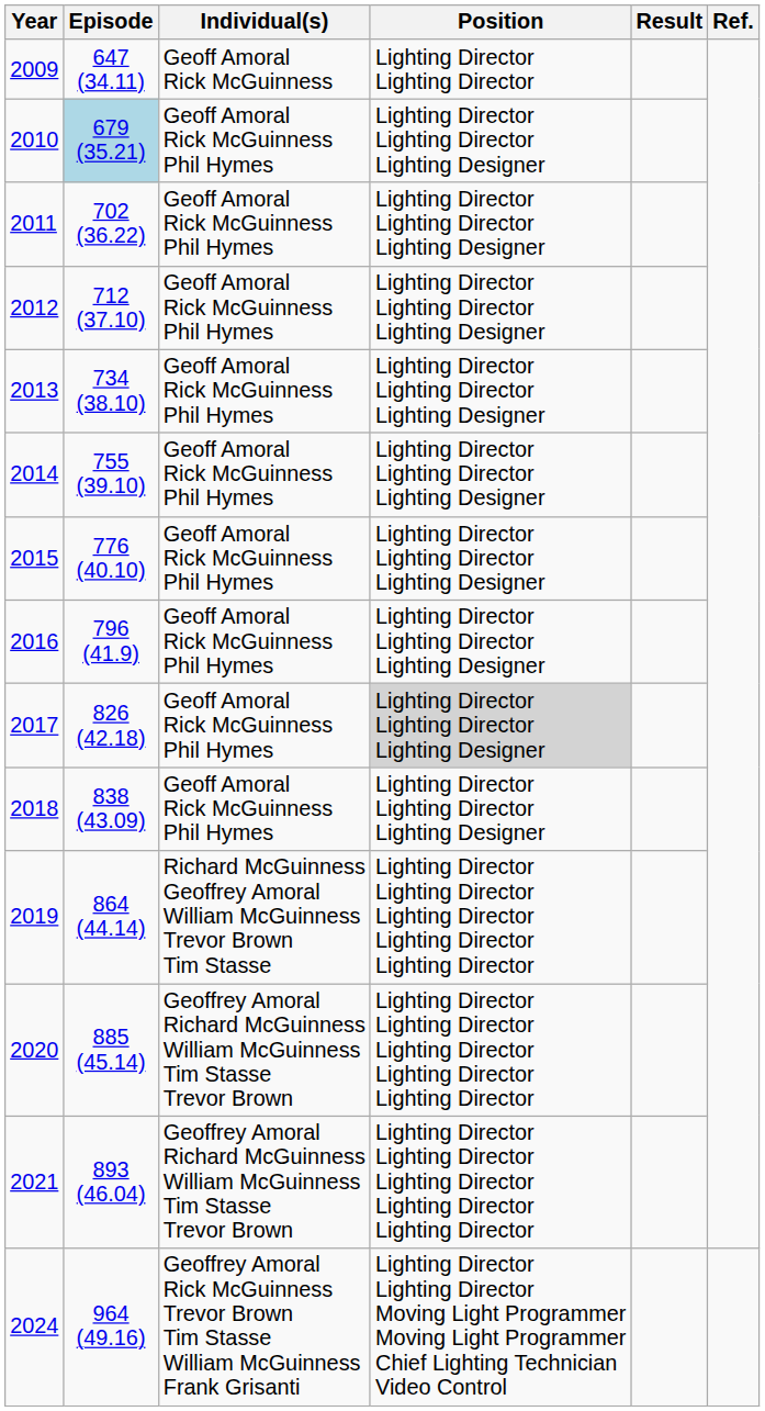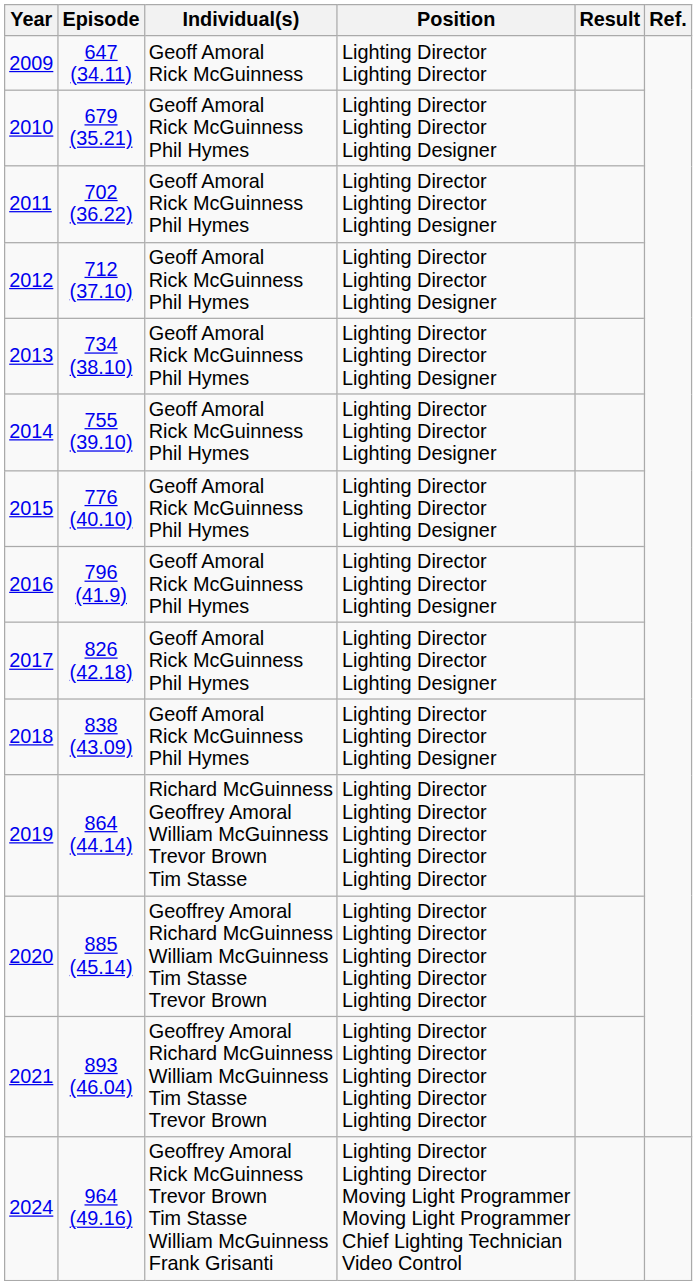 <table class="wikitable">
 <tr>
 <th>Year</th>
 <th>Episode</th>
 <th>Individual(s)</th>
 <th>Position</th>
 <th>Result</th>
 <th>Ref.</th>
 </tr>
 <tr>
 <td><a href='#'>2009</a></td>
 <td align="center"><a href='#'>647 <br> (34.11)</a></td>
 <td>Geoff Amoral <br> Rick McGuinness</td>
 <td>Lighting Director <br> Lighting Director</td>
 <td></td>
 <td rowspan="13" align="center"></td>
 </tr>
 <tr>
 <td><a href='#'>2010</a></td>
-<td align="center" style="background: lightblue;"><a href='#'>679 <br>(35.21)</a></td>
+<td align="center"><a href='#'>679 <br>(35.21)</a></td>
 <td>Geoff Amoral <br> Rick McGuinness <br> Phil Hymes</td>
 <td>Lighting Director <br> Lighting Director <br> Lighting Designer</td>
 <td></td>
 </tr>
 <tr>
 <td><a href='#'>2011</a></td>
 <td align="center"><a href='#'>702 <br> (36.22)</a></td>
 <td>Geoff Amoral <br> Rick McGuinness <br> Phil Hymes</td>
 <td>Lighting Director <br> Lighting Director <br> Lighting Designer</td>
 <td></td>
 </tr>
 <tr>
 <td><a href='#'>2012</a></td>
 <td align="center"><a href='#'>712 <br> (37.10)</a></td>
 <td>Geoff Amoral <br> Rick McGuinness <br> Phil Hymes</td>
 <td>Lighting Director <br> Lighting Director <br> Lighting Designer</td>
 <td></td>
 </tr>
 <tr>
 <td><a href='#'>2013</a></td>
 <td align="center"><a href='#'>734 <br> (38.10)</a></td>
 <td>Geoff Amoral <br> Rick McGuinness <br> Phil Hymes</td>
 <td>Lighting Director <br> Lighting Director <br> Lighting Designer</td>
 <td></td>
 </tr>
 <tr>
 <td><a href='#'>2014</a></td>
 <td align="center"><a href='#'>755 <br> (39.10)</a></td>
 <td>Geoff Amoral <br> Rick McGuinness <br> Phil Hymes</td>
 <td>Lighting Director <br> Lighting Director <br> Lighting Designer</td>
 <td></td>
 </tr>
 <tr>
 <td><a href='#'>2015</a></td>
 <td align="center"><a href='#'>776 <br> (40.10)</a></td>
 <td>Geoff Amoral <br> Rick McGuinness <br> Phil Hymes</td>
 <td>Lighting Director <br> Lighting Director <br> Lighting Designer</td>
 <td></td>
 </tr>
 <tr>
 <td><a href='#'>2016</a></td>
 <td align="center"><a href='#'>796 <br> (41.9)</a></td>
 <td>Geoff Amoral <br> Rick McGuinness <br> Phil Hymes</td>
 <td>Lighting Director <br> Lighting Director <br> Lighting Designer</td>
 <td></td>
 </tr>
 <tr>
 <td><a href='#'>2017</a></td>
 <td align="center"><a href='#'>826 <br>(42.18)</a></td>
 <td>Geoff Amoral <br> Rick McGuinness <br> Phil Hymes</td>
-<td style="background: lightgrey;">Lighting Director <br> Lighting Director <br> Lighting Designer</td>
+<td>Lighting Director <br> Lighting Director <br> Lighting Designer</td>
 <td></td>
 </tr>
 <tr>
 <td><a href='#'>2018</a></td>
 <td align="center"><a href='#'>838 <br>(43.09)</a></td>
 <td>Geoff Amoral <br> Rick McGuinness <br> Phil Hymes</td>
 <td>Lighting Director <br> Lighting Director <br> Lighting Designer</td>
 <td></td>
 </tr>
 <tr>
 <td><a href='#'>2019</a></td>
 <td align="center"><a href='#'>864 <br>(44.14)</a></td>
 <td>Richard McGuinness <br> Geoffrey Amoral <br> William McGuinness <br> Trevor Brown <br> Tim Stasse</td>
 <td>Lighting Director <br> Lighting Director <br> Lighting Director <br> Lighting Director <br> Lighting Director</td>
 <td></td>
 </tr>
 <tr>
 <td><a href='#'>2020</a></td>
 <td align="center"><a href='#'>885 <br>(45.14)</a></td>
 <td>Geoffrey Amoral <br> Richard McGuinness <br> William McGuinness <br> Tim Stasse <br> Trevor Brown</td>
 <td>Lighting Director <br> Lighting Director <br> Lighting Director <br> Lighting Director <br> Lighting Director</td>
 <td></td>
 </tr>
 <tr>
 <td><a href='#'>2021</a></td>
 <td align="center"><a href='#'>893 <br> (46.04)</a></td>
 <td>Geoffrey Amoral <br> Richard McGuinness <br> William McGuinness <br> Tim Stasse <br> Trevor Brown</td>
 <td>Lighting Director <br> Lighting Director <br> Lighting Director <br> Lighting Director <br> Lighting Director</td>
 <td></td>
 </tr>
 <tr>
 <td><a href='#'>2024</a></td>
 <td align="center"><a href='#'>964 <br> (49.16)</a></td>
 <td>Geoffrey Amoral <br> Rick McGuinness <br> Trevor Brown <br> Tim Stasse <br> William McGuinness <br> Frank Grisanti</td>
 <td>Lighting Director <br> Lighting Director <br> Moving Light Programmer <br> Moving Light Programmer <br> Chief Lighting Technician <br> Video Control</td>
 <td></td>
 </tr>
 </table>
